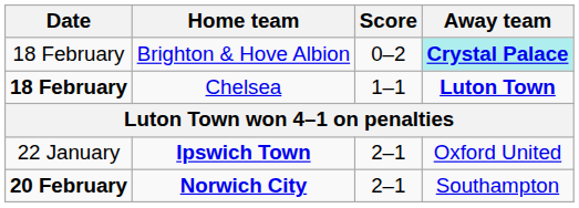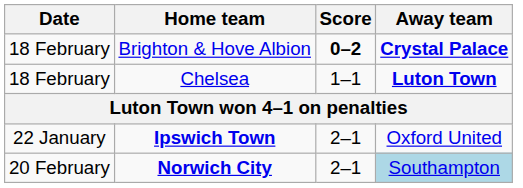 <table class="wikitable" style="text-align: center">
 <tr>
 <th>Date</th>
 <th>Home team</th>
 <th>Score</th>
 <th>Away team</th>
 </tr>
 <tr>
 <td>18 February</td>
 <td><a href='#'>Brighton & Hove Albion</a></td>
-<td>0–2</td>
-<td style="background: paleturquoise;"><strong><a href='#'>Crystal Palace</a></strong></td>
+<td><strong>0–2</strong></td>
+<td><strong><a href='#'>Crystal Palace</a></strong></td>
 </tr>
 <tr>
-<td><strong>18 February</strong></td>
+<td>18 February</td>
 <td><a href='#'>Chelsea</a></td>
 <td>1–1</td>
 <td><strong><a href='#'>Luton Town</a></strong></td>
 </tr>
 <tr>
 <th colspan="5">Luton Town won 4–1 on penalties</th>
 </tr>
 <tr>
 <td>22 January</td>
 <td><strong><a href='#'>Ipswich Town</a></strong></td>
 <td>2–1</td>
 <td><a href='#'>Oxford United</a></td>
 </tr>
 <tr>
-<td><strong>20 February</strong></td>
+<td>20 February</td>
 <td><strong><a href='#'>Norwich City</a></strong></td>
 <td>2–1</td>
-<td><a href='#'>Southampton</a></td>
+<td style="background: lightblue;"><a href='#'>Southampton</a></td>
 </tr>
 </table>
